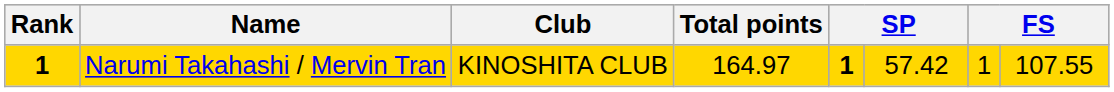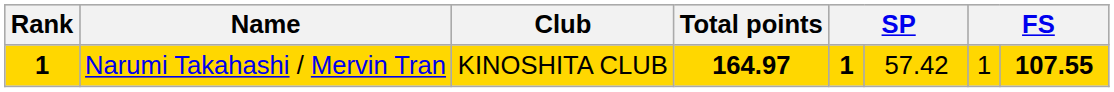 <table class="wikitable sortable">
 <tr>
 <th>Rank</th>
 <th>Name</th>
 <th>Club</th>
 <th>Total points</th>
 <th colspan="2" width="80px"><a href='#'>SP</a></th>
 <th colspan="2" width="80px"><a href='#'>FS</a></th>
 </tr>
 <tr bgcolor="gold">
 <td align="center"><strong>1</strong></td>
 <td><a href='#'>Narumi Takahashi</a> / <a href='#'>Mervin Tran</a></td>
 <td>KINOSHITA CLUB</td>
-<td align="center">164.97</td>
+<td align="center"><strong>164.97</strong></td>
 <td align="center"><strong>1</strong></td>
 <td align="center">57.42</td>
 <td align="center">1</td>
-<td align="center">107.55</td>
+<td align="center"><strong>107.55</strong></td>
 </tr>
 </table>
